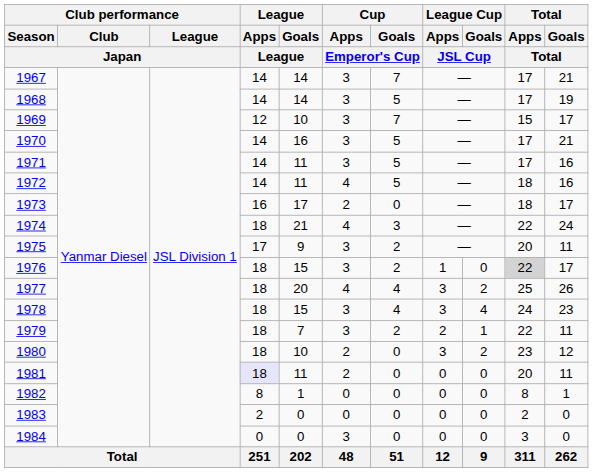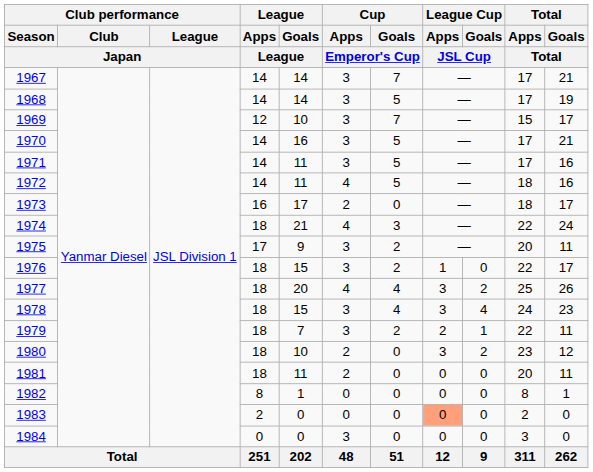 <table class="wikitable" style="text-align:center;">
 <tr>
 <th colspan=3>Club performance</th>
 <th colspan=2>League</th>
 <th colspan=2>Cup</th>
 <th colspan=2>League Cup</th>
 <th colspan=2>Total</th>
 </tr>
 <tr>
 <th>Season</th>
 <th>Club</th>
 <th>League</th>
 <th>Apps</th>
 <th>Goals</th>
 <th>Apps</th>
 <th>Goals</th>
 <th>Apps</th>
 <th>Goals</th>
 <th>Apps</th>
 <th>Goals</th>
 </tr>
 <tr>
 <th colspan=3>Japan</th>
 <th colspan=2>League</th>
 <th colspan=2><a href='#'>Emperor's Cup</a></th>
 <th colspan=2><a href='#'>JSL Cup</a></th>
 <th colspan=2>Total</th>
 </tr>
 <tr>
 <td><a href='#'>1967</a></td>
 <td rowspan=18><a href='#'>Yanmar Diesel</a></td>
 <td rowspan=18><a href='#'>JSL Division 1</a></td>
 <td>14</td>
 <td>14</td>
 <td>3</td>
 <td>7</td>
 <td colspan=2>—</td>
 <td>17</td>
 <td>21</td>
 </tr>
 <tr>
 <td><a href='#'>1968</a></td>
 <td>14</td>
 <td>14</td>
 <td>3</td>
 <td>5</td>
 <td colspan=2>—</td>
 <td>17</td>
 <td>19</td>
 </tr>
 <tr>
 <td><a href='#'>1969</a></td>
 <td>12</td>
 <td>10</td>
 <td>3</td>
 <td>7</td>
 <td colspan=2>—</td>
 <td>15</td>
 <td>17</td>
 </tr>
 <tr>
 <td><a href='#'>1970</a></td>
 <td>14</td>
 <td>16</td>
 <td>3</td>
 <td>5</td>
 <td colspan=2>—</td>
 <td>17</td>
 <td>21</td>
 </tr>
 <tr>
 <td><a href='#'>1971</a></td>
 <td>14</td>
 <td>11</td>
 <td>3</td>
 <td>5</td>
 <td colspan=2>—</td>
 <td>17</td>
 <td>16</td>
 </tr>
 <tr>
 <td><a href='#'>1972</a></td>
 <td>14</td>
 <td>11</td>
 <td>4</td>
 <td>5</td>
 <td colspan=2>—</td>
 <td>18</td>
 <td>16</td>
 </tr>
 <tr>
 <td><a href='#'>1973</a></td>
 <td>16</td>
 <td>17</td>
 <td>2</td>
 <td>0</td>
 <td colspan=2>—</td>
 <td>18</td>
 <td>17</td>
 </tr>
 <tr>
 <td><a href='#'>1974</a></td>
 <td>18</td>
 <td>21</td>
 <td>4</td>
 <td>3</td>
 <td colspan=2>—</td>
 <td>22</td>
 <td>24</td>
 </tr>
 <tr>
 <td><a href='#'>1975</a></td>
 <td>17</td>
 <td>9</td>
 <td>3</td>
 <td>2</td>
 <td colspan=2>—</td>
 <td>20</td>
 <td>11</td>
 </tr>
 <tr>
 <td><a href='#'>1976</a></td>
 <td>18</td>
 <td>15</td>
 <td>3</td>
 <td>2</td>
 <td>1</td>
 <td>0</td>
-<td style="background: lightgrey;">22</td>
+<td>22</td>
 <td>17</td>
 </tr>
 <tr>
 <td><a href='#'>1977</a></td>
 <td>18</td>
 <td>20</td>
 <td>4</td>
 <td>4</td>
 <td>3</td>
 <td>2</td>
 <td>25</td>
 <td>26</td>
 </tr>
 <tr>
 <td><a href='#'>1978</a></td>
 <td>18</td>
 <td>15</td>
 <td>3</td>
 <td>4</td>
 <td>3</td>
 <td>4</td>
 <td>24</td>
 <td>23</td>
 </tr>
 <tr>
 <td><a href='#'>1979</a></td>
 <td>18</td>
 <td>7</td>
 <td>3</td>
 <td>2</td>
 <td>2</td>
 <td>1</td>
 <td>22</td>
 <td>11</td>
 </tr>
 <tr>
 <td><a href='#'>1980</a></td>
 <td>18</td>
 <td>10</td>
 <td>2</td>
 <td>0</td>
 <td>3</td>
 <td>2</td>
 <td>23</td>
 <td>12</td>
 </tr>
 <tr>
 <td><a href='#'>1981</a></td>
-<td style="background: lavender;">18</td>
+<td>18</td>
 <td>11</td>
 <td>2</td>
 <td>0</td>
 <td>0</td>
 <td>0</td>
 <td>20</td>
 <td>11</td>
 </tr>
 <tr>
 <td><a href='#'>1982</a></td>
 <td>8</td>
 <td>1</td>
 <td>0</td>
 <td>0</td>
 <td>0</td>
 <td>0</td>
 <td>8</td>
 <td>1</td>
 </tr>
 <tr>
 <td><a href='#'>1983</a></td>
 <td>2</td>
 <td>0</td>
 <td>0</td>
 <td>0</td>
-<td>0</td>
+<td style="background: lightsalmon;">0</td>
 <td>0</td>
 <td>2</td>
 <td>0</td>
 </tr>
 <tr>
 <td><a href='#'>1984</a></td>
 <td>0</td>
 <td>0</td>
 <td>3</td>
 <td>0</td>
 <td>0</td>
 <td>0</td>
 <td>3</td>
 <td>0</td>
 </tr>
 <tr>
 <th colspan=3>Total</th>
 <th>251</th>
 <th>202</th>
 <th>48</th>
 <th>51</th>
 <th>12</th>
 <th>9</th>
 <th>311</th>
 <th>262</th>
 </tr>
 </table>
